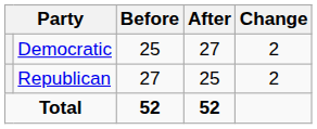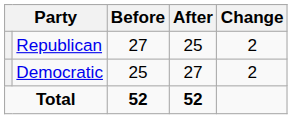 <table class="wikitable" style="text-align:center;">
 <tr>
 <th colspan="2">Party</th>
 <th>Before</th>
 <th>After</th>
 <th>Change</th>
 </tr>
 <tr>
 <th style="background-color:"></th>
-<td style="text-align:left;"><a href='#'>Democratic</a></td>
+<td style="text-align:left;"><a href='#'>Republican</a></td>
+<td>27</td>
 <td>25</td>
-<td>27</td>
 <td> 2</td>
 </tr>
 <tr>
 <th style="background-color:"></th>
-<td style="text-align:left;"><a href='#'>Republican</a></td>
+<td style="text-align:left;"><a href='#'>Democratic</a></td>
+<td>25</td>
 <td>27</td>
-<td>25</td>
 <td> 2</td>
 </tr>
 <tr>
 <td colspan="2"><strong>Total</strong></td>
 <td><strong>52</strong></td>
 <td><strong>52</strong></td>
 </tr>
 </table>
